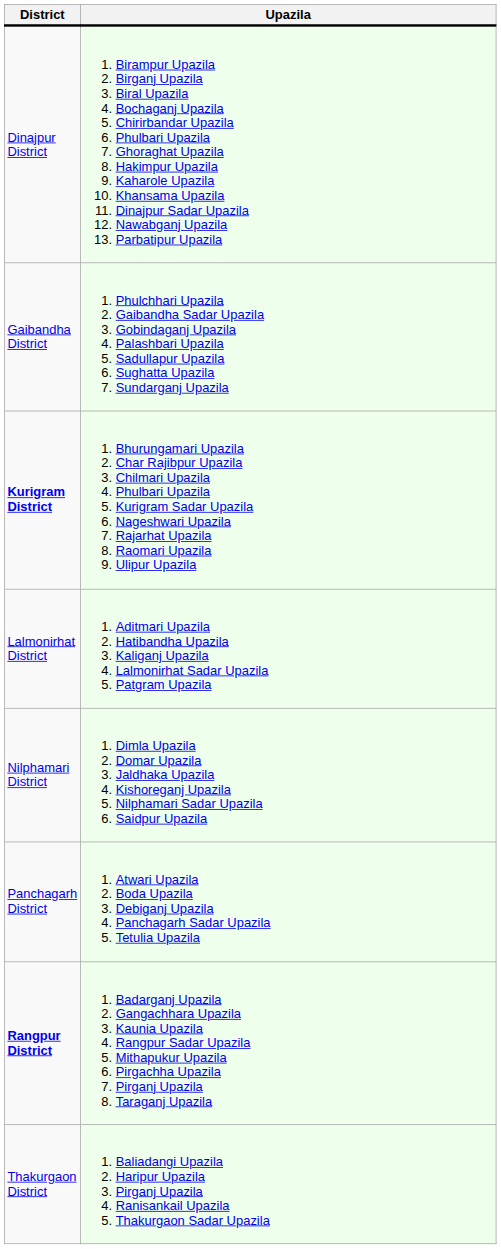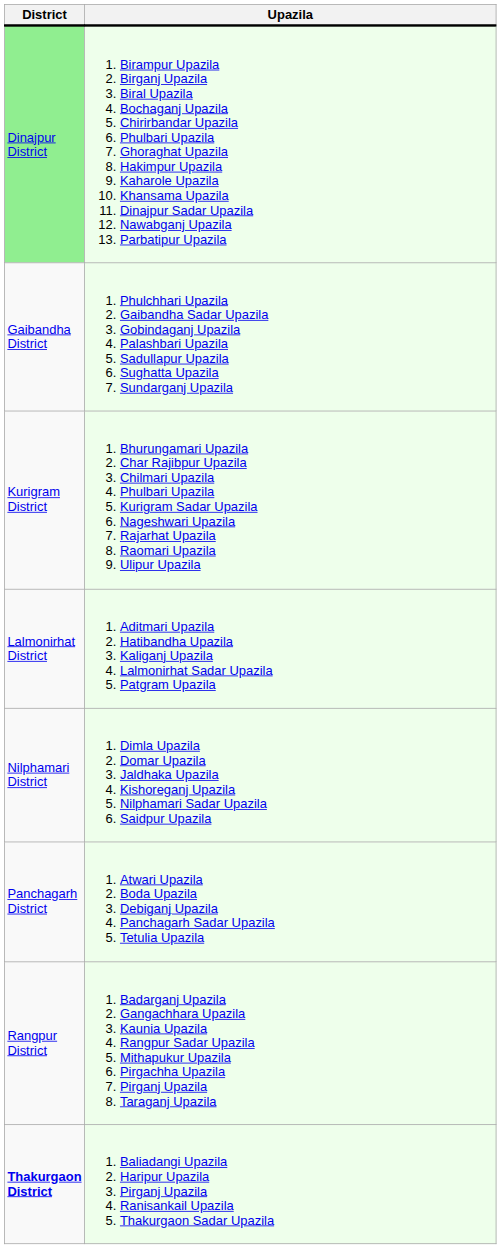 <table class="wikitable">
 <tr>
 <th>District</th>
 <th colspan="7" width="100%">Upazila</th>
 </tr>
 <tr style="border-top: 3px solid black">
-<td rowspan="1"><a href='#'>Dinajpur District</a></td>
+<td rowspan="1" style="background: lightgreen;"><a href='#'>Dinajpur District</a></td>
 <td colspan="2" style="background: #eeffeb"><br><ol><li><a href='#'>Birampur Upazila</a></li><li><a href='#'>Birganj Upazila</a></li><li><a href='#'>Biral Upazila</a></li><li><a href='#'>Bochaganj Upazila</a></li><li><a href='#'>Chirirbandar Upazila</a></li><li><a href='#'>Phulbari Upazila</a></li><li><a href='#'>Ghoraghat Upazila</a></li><li><a href='#'>Hakimpur Upazila</a></li><li><a href='#'>Kaharole Upazila</a></li><li><a href='#'>Khansama Upazila</a></li><li><a href='#'>Dinajpur Sadar Upazila</a></li><li><a href='#'>Nawabganj Upazila</a></li><li><a href='#'>Parbatipur Upazila</a></li></ol></td>
 </tr>
 <tr>
 <td rowspan="1"><a href='#'>Gaibandha District</a></td>
 <td colspan="2" style="background: #eeffeb"><br><ol><li><a href='#'>Phulchhari Upazila</a></li><li><a href='#'>Gaibandha Sadar Upazila</a></li><li><a href='#'>Gobindaganj Upazila</a></li><li><a href='#'>Palashbari Upazila</a></li><li><a href='#'>Sadullapur Upazila</a></li><li><a href='#'>Sughatta Upazila</a></li><li><a href='#'>Sundarganj Upazila</a></li></ol></td>
 </tr>
 <tr>
-<td rowspan="1"><strong><a href='#'>Kurigram District</a></strong></td>
+<td rowspan="1"><a href='#'>Kurigram District</a></td>
 <td colspan="2" style="background: #eeffeb"><br><ol><li><a href='#'>Bhurungamari Upazila</a></li><li><a href='#'>Char Rajibpur Upazila</a></li><li><a href='#'>Chilmari Upazila</a></li><li><a href='#'>Phulbari Upazila</a></li><li><a href='#'>Kurigram Sadar Upazila</a></li><li><a href='#'>Nageshwari Upazila</a></li><li><a href='#'>Rajarhat Upazila</a></li><li><a href='#'>Raomari Upazila</a></li><li><a href='#'>Ulipur Upazila</a></li></ol></td>
 </tr>
 <tr>
 <td rowspan="1"><a href='#'>Lalmonirhat District</a></td>
 <td colspan="2" style="background: #eeffeb"><br><ol><li><a href='#'>Aditmari Upazila</a></li><li><a href='#'>Hatibandha Upazila</a></li><li><a href='#'>Kaliganj Upazila</a></li><li><a href='#'>Lalmonirhat Sadar Upazila</a></li><li><a href='#'>Patgram Upazila</a></li></ol></td>
 </tr>
 <tr>
 <td rowspan="1"><a href='#'>Nilphamari District</a></td>
 <td colspan="2" style="background: #eeffeb"><br><ol><li><a href='#'>Dimla Upazila</a></li><li><a href='#'>Domar Upazila</a></li><li><a href='#'>Jaldhaka Upazila</a></li><li><a href='#'>Kishoreganj Upazila</a></li><li><a href='#'>Nilphamari Sadar Upazila</a></li><li><a href='#'>Saidpur Upazila</a></li></ol></td>
 </tr>
 <tr>
 <td rowspan="1"><a href='#'>Panchagarh District</a></td>
 <td colspan="2" style="background: #eeffeb"><br><ol><li><a href='#'>Atwari Upazila</a></li><li><a href='#'>Boda Upazila</a></li><li><a href='#'>Debiganj Upazila</a></li><li><a href='#'>Panchagarh Sadar Upazila</a></li><li><a href='#'>Tetulia Upazila</a></li></ol></td>
 </tr>
 <tr>
-<td rowspan="1"><strong><a href='#'>Rangpur District</a></strong></td>
+<td rowspan="1"><a href='#'>Rangpur District</a></td>
 <td colspan="2" style="background: #eeffeb"><br><ol><li><a href='#'>Badarganj Upazila</a></li><li><a href='#'>Gangachhara Upazila</a></li><li><a href='#'>Kaunia Upazila</a></li><li><a href='#'>Rangpur Sadar Upazila</a></li><li><a href='#'>Mithapukur Upazila</a></li><li><a href='#'>Pirgachha Upazila</a></li><li><a href='#'>Pirganj Upazila</a></li><li><a href='#'>Taraganj Upazila</a></li></ol></td>
 </tr>
 <tr>
-<td rowspan="1"><a href='#'>Thakurgaon District</a></td>
+<td rowspan="1"><strong><a href='#'>Thakurgaon District</a></strong></td>
 <td colspan="2" style="background: #eeffeb"><br><ol><li><a href='#'>Baliadangi Upazila</a></li><li><a href='#'>Haripur Upazila</a></li><li><a href='#'>Pirganj Upazila</a></li><li><a href='#'>Ranisankail Upazila</a></li><li><a href='#'>Thakurgaon Sadar Upazila</a></li></ol></td>
 </tr>
 </table>
